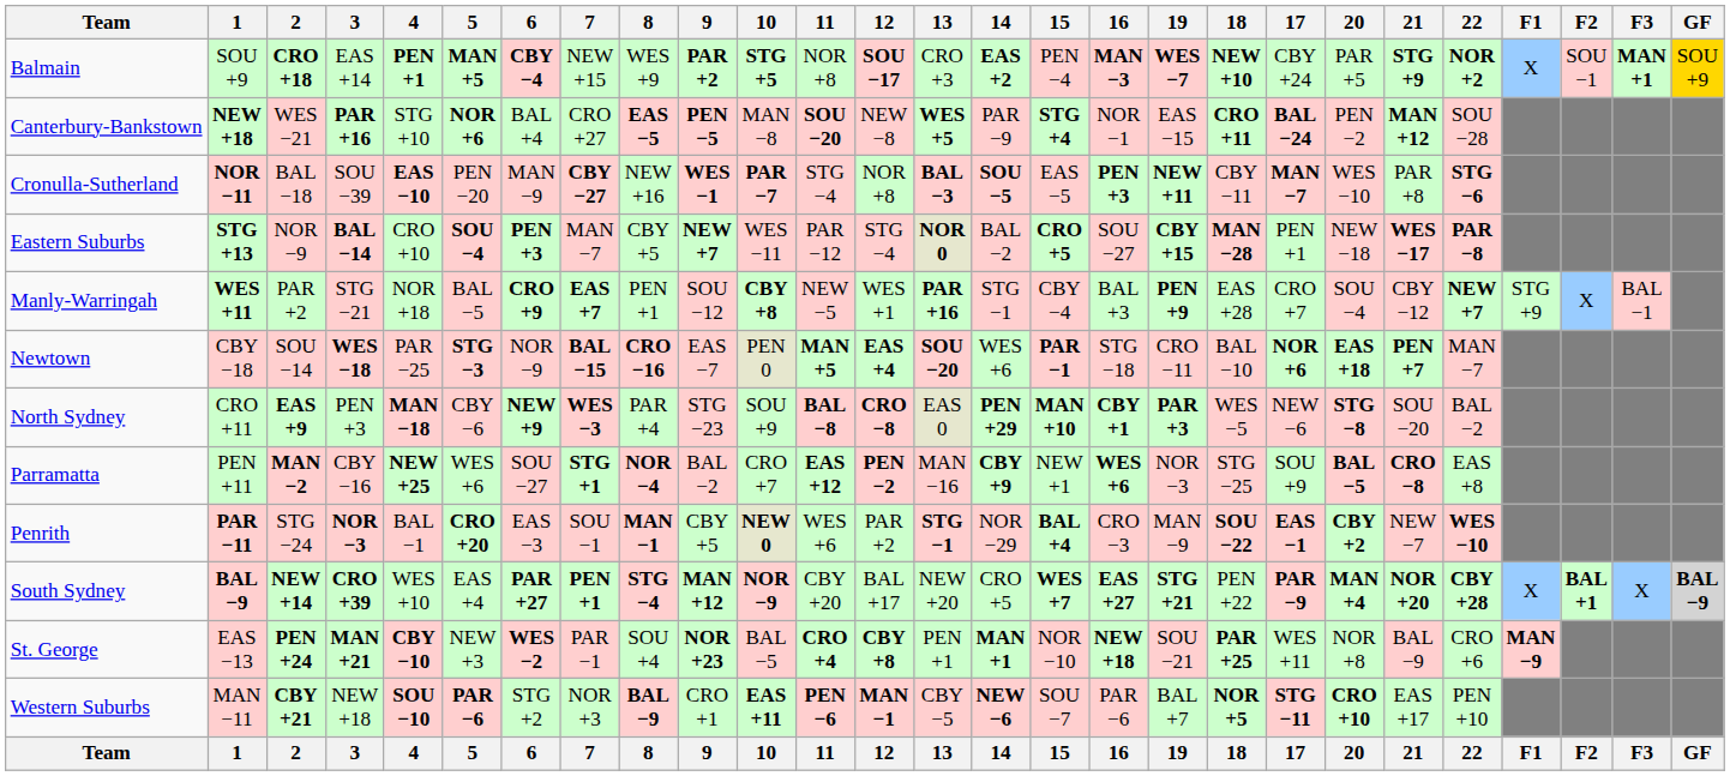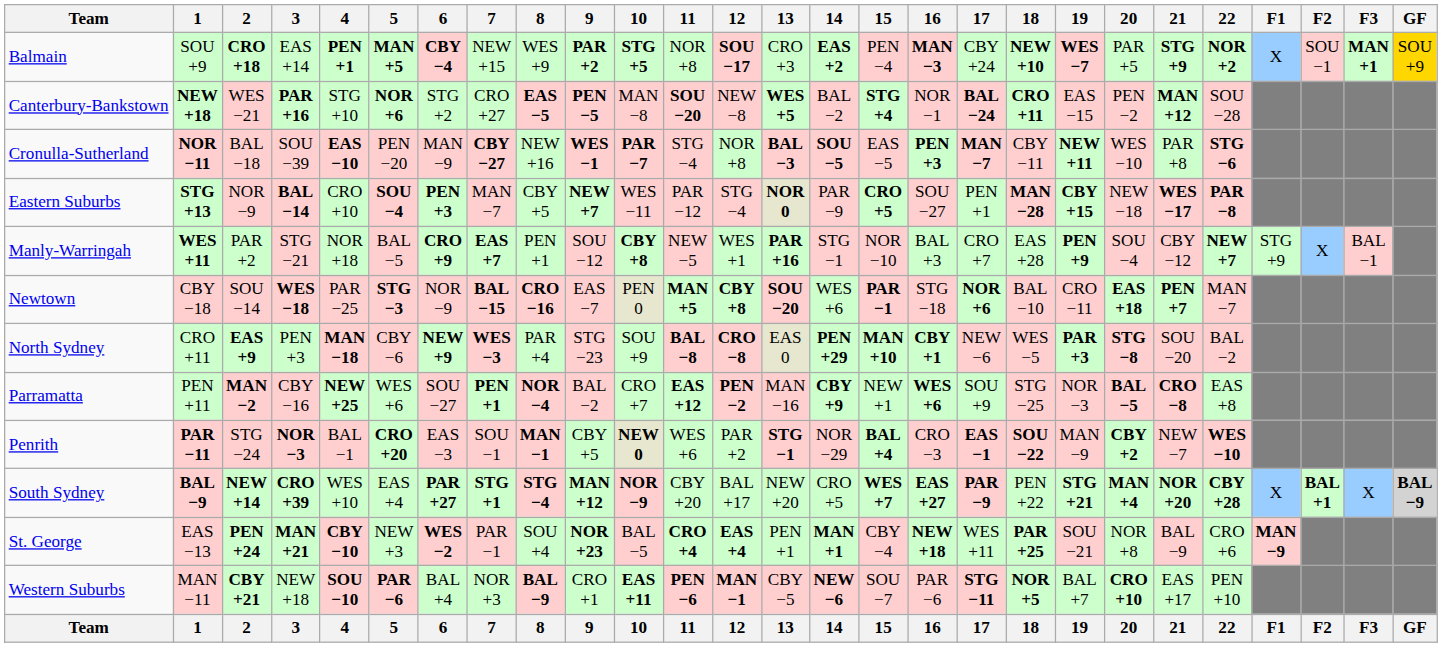 <table class="wikitable sortable" style="font-size:85%; text-align:center; width:90%">
 <tr valign="top">
 <th valign="middle">Team</th>
 <th>1</th>
 <th>2</th>
 <th>3</th>
 <th>4</th>
 <th>5</th>
 <th>6</th>
 <th>7</th>
 <th>8</th>
 <th>9</th>
 <th>10</th>
 <th>11</th>
 <th>12</th>
 <th>13</th>
 <th>14</th>
 <th>15</th>
 <th>16</th>
+<th>17</th>
+<th>18</th>
 <th>19</th>
-<th>18</th>
-<th>17</th>
 <th>20</th>
 <th>21</th>
 <th>22</th>
 <th>F1</th>
 <th>F2</th>
 <th>F3</th>
 <th>GF</th>
 </tr>
 <tr>
 <td align="left"><a href='#'>Balmain</a></td>
 <td style="background:#cfc;">SOU<br>+9</td>
 <td style="background:#cfc;"><strong>CRO<br>+18</strong></td>
 <td style="background:#cfc;">EAS<br>+14</td>
 <td style="background:#cfc;"><strong>PEN<br>+1</strong></td>
 <td style="background:#cfc;"><strong>MAN<br>+5</strong></td>
 <td style="background:#FFCFCF;"><strong>CBY<br>−4</strong></td>
 <td style="background:#cfc;">NEW<br>+15</td>
 <td style="background:#cfc;">WES<br>+9</td>
 <td style="background:#cfc;"><strong>PAR<br>+2</strong></td>
 <td style="background:#cfc;"><strong>STG<br>+5</strong></td>
 <td style="background:#cfc;">NOR<br>+8</td>
 <td style="background:#FFCFCF;"><strong>SOU<br>−17</strong></td>
 <td style="background:#cfc;">CRO<br>+3</td>
 <td style="background:#cfc;"><strong>EAS<br>+2</strong></td>
 <td style="background:#FFCFCF;">PEN<br>−4</td>
 <td style="background:#FFCFCF;"><strong>MAN<br>−3</strong></td>
+<td style="background:#cfc;">CBY<br>+24</td>
+<td style="background:#cfc;"><strong>NEW<br>+10</strong></td>
 <td style="background:#FFCFCF;"><strong>WES<br>−7</strong></td>
-<td style="background:#cfc;"><strong>NEW<br>+10</strong></td>
-<td style="background:#cfc;">CBY<br>+24</td>
 <td style="background:#cfc;">PAR<br>+5</td>
 <td style="background:#cfc;"><strong>STG<br>+9</strong></td>
 <td style="background:#cfc;"><strong>NOR<br>+2</strong></td>
 <td style="background:#99ccff;">X</td>
 <td style="background:#FFCFCF;">SOU<br>−1</td>
 <td style="background:#cfc;"><strong>MAN<br>+1</strong></td>
 <td style="background:#FFD700;">SOU<br>+9</td>
 </tr>
 <tr>
 <td align="left"><a href='#'>Canterbury-Bankstown</a></td>
 <td style="background:#cfc;"><strong>NEW<br>+18</strong></td>
 <td style="background:#FFCFCF;">WES<br>−21</td>
 <td style="background:#cfc;"><strong>PAR<br>+16</strong></td>
 <td style="background:#cfc;">STG<br>+10</td>
 <td style="background:#cfc;"><strong>NOR<br>+6</strong></td>
-<td style="background:#cfc;">BAL<br>+4</td>
+<td style="background:#cfc;">STG<br>+2</td>
 <td style="background:#cfc;">CRO<br>+27</td>
 <td style="background:#FFCFCF;"><strong>EAS<br>−5</strong></td>
 <td style="background:#FFCFCF;"><strong>PEN<br>−5</strong></td>
 <td style="background:#FFCFCF;">MAN<br>−8</td>
 <td style="background:#FFCFCF;"><strong>SOU<br>−20</strong></td>
 <td style="background:#FFCFCF;">NEW<br>−8</td>
 <td style="background:#cfc;"><strong>WES<br>+5</strong></td>
-<td style="background:#FFCFCF;">PAR<br>−9</td>
+<td style="background:#FFCFCF;">BAL<br>−2</td>
 <td style="background:#cfc;"><strong>STG<br>+4</strong></td>
 <td style="background:#FFCFCF;">NOR<br>−1</td>
+<td style="background:#FFCFCF;"><strong>BAL<br>−24</strong></td>
+<td style="background:#cfc;"><strong>CRO<br>+11</strong></td>
 <td style="background:#FFCFCF;">EAS<br>−15</td>
-<td style="background:#cfc;"><strong>CRO<br>+11</strong></td>
-<td style="background:#FFCFCF;"><strong>BAL<br>−24</strong></td>
 <td style="background:#FFCFCF;">PEN<br>−2</td>
 <td style="background:#cfc;"><strong>MAN<br>+12</strong></td>
 <td style="background:#FFCFCF;">SOU<br>−28</td>
 <td style="background:#808080;"></td>
 <td style="background:#808080;"></td>
 <td style="background:#808080;"></td>
 <td style="background:#808080;"></td>
 </tr>
 <tr>
 <td align="left"><a href='#'>Cronulla-Sutherland</a></td>
 <td style="background:#FFCFCF;"><strong>NOR<br>−11</strong></td>
 <td style="background:#FFCFCF;">BAL<br>−18</td>
 <td style="background:#FFCFCF;">SOU<br>−39</td>
 <td style="background:#FFCFCF;"><strong>EAS<br>−10</strong></td>
 <td style="background:#FFCFCF;">PEN<br>−20</td>
 <td style="background:#FFCFCF;">MAN<br>−9</td>
 <td style="background:#FFCFCF;"><strong>CBY<br>−27</strong></td>
 <td style="background:#cfc;">NEW<br>+16</td>
 <td style="background:#FFCFCF;"><strong>WES<br>−1</strong></td>
 <td style="background:#FFCFCF;"><strong>PAR<br>−7</strong></td>
 <td style="background:#FFCFCF;">STG<br>−4</td>
 <td style="background:#cfc;">NOR<br>+8</td>
 <td style="background:#FFCFCF;"><strong>BAL<br>−3</strong></td>
 <td style="background:#FFCFCF;"><strong>SOU<br>−5</strong></td>
 <td style="background:#FFCFCF;">EAS<br>−5</td>
 <td style="background:#cfc;"><strong>PEN<br>+3</strong></td>
+<td style="background:#FFCFCF;"><strong>MAN<br>−7</strong></td>
+<td style="background:#FFCFCF;">CBY<br>−11</td>
 <td style="background:#cfc;"><strong>NEW<br>+11</strong></td>
-<td style="background:#FFCFCF;">CBY<br>−11</td>
-<td style="background:#FFCFCF;"><strong>MAN<br>−7</strong></td>
 <td style="background:#FFCFCF;">WES<br>−10</td>
 <td style="background:#cfc;">PAR<br>+8</td>
 <td style="background:#FFCFCF;"><strong>STG<br>−6</strong></td>
 <td style="background:#808080;"></td>
 <td style="background:#808080;"></td>
 <td style="background:#808080;"></td>
 <td style="background:#808080;"></td>
 </tr>
 <tr>
 <td align="left"><a href='#'>Eastern Suburbs</a></td>
 <td style="background:#cfc;"><strong>STG<br>+13</strong></td>
 <td style="background:#FFCFCF;">NOR<br>−9</td>
 <td style="background:#FFCFCF;"><strong>BAL<br>−14</strong></td>
 <td style="background:#cfc;">CRO<br>+10</td>
 <td style="background:#FFCFCF;"><strong>SOU<br>−4</strong></td>
 <td style="background:#cfc;"><strong>PEN<br>+3</strong></td>
 <td style="background:#FFCFCF;">MAN<br>−7</td>
 <td style="background:#cfc;">CBY<br>+5</td>
 <td style="background:#cfc;"><strong>NEW<br>+7</strong></td>
 <td style="background:#FFCFCF;">WES<br>−11</td>
 <td style="background:#FFCFCF;">PAR<br>−12</td>
 <td style="background:#FFCFCF;">STG<br>−4</td>
 <td style="background:#E6E7CE"><strong>NOR<br>0</strong></td>
-<td style="background:#FFCFCF;">BAL<br>−2</td>
+<td style="background:#FFCFCF;">PAR<br>−9</td>
 <td style="background:#cfc;"><strong>CRO<br>+5</strong></td>
 <td style="background:#FFCFCF;">SOU<br>−27</td>
+<td style="background:#cfc;">PEN<br>+1</td>
+<td style="background:#FFCFCF;"><strong>MAN<br>−28</strong></td>
 <td style="background:#cfc;"><strong>CBY<br>+15</strong></td>
-<td style="background:#FFCFCF;"><strong>MAN<br>−28</strong></td>
-<td style="background:#cfc;">PEN<br>+1</td>
 <td style="background:#FFCFCF;">NEW<br>−18</td>
 <td style="background:#FFCFCF;"><strong>WES<br>−17</strong></td>
 <td style="background:#FFCFCF;"><strong>PAR<br>−8</strong></td>
 <td style="background:#808080;"></td>
 <td style="background:#808080;"></td>
 <td style="background:#808080;"></td>
 <td style="background:#808080;"></td>
 </tr>
 <tr>
 <td align="left"><a href='#'>Manly-Warringah</a></td>
 <td style="background:#cfc;"><strong>WES<br>+11</strong></td>
 <td style="background:#cfc;">PAR<br>+2</td>
 <td style="background:#FFCFCF;">STG<br>−21</td>
 <td style="background:#cfc;">NOR<br>+18</td>
 <td style="background:#FFCFCF;">BAL<br>−5</td>
 <td style="background:#cfc;"><strong>CRO<br>+9</strong></td>
 <td style="background:#cfc;"><strong>EAS<br>+7</strong></td>
 <td style="background:#cfc;">PEN<br>+1</td>
 <td style="background:#FFCFCF;">SOU<br>−12</td>
 <td style="background:#cfc;"><strong>CBY<br>+8</strong></td>
 <td style="background:#FFCFCF;">NEW<br>−5</td>
 <td style="background:#cfc;">WES<br>+1</td>
 <td style="background:#cfc;"><strong>PAR<br>+16</strong></td>
 <td style="background:#FFCFCF;">STG<br>−1</td>
-<td style="background:#FFCFCF;">CBY<br>−4</td>
+<td style="background:#FFCFCF;">NOR<br>−10</td>
 <td style="background:#cfc;">BAL<br>+3</td>
+<td style="background:#cfc;">CRO<br>+7</td>
+<td style="background:#cfc;">EAS<br>+28</td>
 <td style="background:#cfc;"><strong>PEN<br>+9</strong></td>
-<td style="background:#cfc;">EAS<br>+28</td>
-<td style="background:#cfc;">CRO<br>+7</td>
 <td style="background:#FFCFCF;">SOU<br>−4</td>
 <td style="background:#FFCFCF;">CBY<br>−12</td>
 <td style="background:#cfc;"><strong>NEW<br>+7</strong></td>
 <td style="background:#cfc;">STG<br>+9</td>
 <td style="background:#99ccff;">X</td>
 <td style="background:#FFCFCF;">BAL<br>−1</td>
 <td style="background:#808080;"></td>
 </tr>
 <tr>
 <td align="left"><a href='#'>Newtown</a></td>
 <td style="background:#FFCFCF;">CBY<br>−18</td>
 <td style="background:#FFCFCF;">SOU<br>−14</td>
 <td style="background:#FFCFCF;"><strong>WES<br>−18</strong></td>
 <td style="background:#FFCFCF;">PAR<br>−25</td>
 <td style="background:#FFCFCF;"><strong>STG<br>−3</strong></td>
 <td style="background:#FFCFCF;">NOR<br>−9</td>
 <td style="background:#FFCFCF;"><strong>BAL<br>−15</strong></td>
 <td style="background:#FFCFCF;"><strong>CRO<br>−16</strong></td>
 <td style="background:#FFCFCF;">EAS<br>−7</td>
 <td style="background:#E6E7CE">PEN<br>0</td>
 <td style="background:#cfc;"><strong>MAN<br>+5</strong></td>
-<td style="background:#cfc;"><strong>EAS<br>+4</strong></td>
+<td style="background:#cfc;"><strong>CBY<br>+8</strong></td>
 <td style="background:#FFCFCF;"><strong>SOU<br>−20</strong></td>
 <td style="background:#cfc;">WES<br>+6</td>
 <td style="background:#FFCFCF;"><strong>PAR<br>−1</strong></td>
 <td style="background:#FFCFCF;">STG<br>−18</td>
+<td style="background:#cfc;"><strong>NOR<br>+6</strong></td>
+<td style="background:#FFCFCF;">BAL<br>−10</td>
 <td style="background:#FFCFCF;">CRO<br>−11</td>
-<td style="background:#FFCFCF;">BAL<br>−10</td>
-<td style="background:#cfc;"><strong>NOR<br>+6</strong></td>
 <td style="background:#cfc;"><strong>EAS<br>+18</strong></td>
 <td style="background:#cfc;"><strong>PEN<br>+7</strong></td>
 <td style="background:#FFCFCF;">MAN<br>−7</td>
 <td style="background:#808080;"></td>
 <td style="background:#808080;"></td>
 <td style="background:#808080;"></td>
 <td style="background:#808080;"></td>
 </tr>
 <tr>
 <td align="left"><a href='#'>North Sydney</a></td>
 <td style="background:#cfc;">CRO<br>+11</td>
 <td style="background:#cfc;"><strong>EAS<br>+9</strong></td>
 <td style="background:#cfc;">PEN<br>+3</td>
 <td style="background:#FFCFCF;"><strong>MAN<br>−18</strong></td>
 <td style="background:#FFCFCF;">CBY<br>−6</td>
 <td style="background:#cfc;"><strong>NEW<br>+9</strong></td>
 <td style="background:#FFCFCF;"><strong>WES<br>−3</strong></td>
 <td style="background:#cfc;">PAR<br>+4</td>
 <td style="background:#FFCFCF;">STG<br>−23</td>
 <td style="background:#cfc;">SOU<br>+9</td>
 <td style="background:#FFCFCF;"><strong>BAL<br>−8</strong></td>
 <td style="background:#FFCFCF;"><strong>CRO<br>−8</strong></td>
 <td style="background:#E6E7CE">EAS<br>0</td>
 <td style="background:#cfc;"><strong>PEN<br>+29</strong></td>
 <td style="background:#cfc;"><strong>MAN<br>+10</strong></td>
 <td style="background:#cfc;"><strong>CBY<br>+1</strong></td>
+<td style="background:#FFCFCF;">NEW<br>−6</td>
+<td style="background:#FFCFCF;">WES<br>−5</td>
 <td style="background:#cfc;"><strong>PAR<br>+3</strong></td>
-<td style="background:#FFCFCF;">WES<br>−5</td>
-<td style="background:#FFCFCF;">NEW<br>−6</td>
 <td style="background:#FFCFCF;"><strong>STG<br>−8</strong></td>
 <td style="background:#FFCFCF;">SOU<br>−20</td>
 <td style="background:#FFCFCF;">BAL<br>−2</td>
 <td style="background:#808080;"></td>
 <td style="background:#808080;"></td>
 <td style="background:#808080;"></td>
 <td style="background:#808080;"></td>
 </tr>
 <tr>
 <td align="left"><a href='#'>Parramatta</a></td>
 <td style="background:#cfc;">PEN<br>+11</td>
 <td style="background:#FFCFCF;"><strong>MAN<br>−2</strong></td>
 <td style="background:#FFCFCF;">CBY<br>−16</td>
 <td style="background:#cfc;"><strong>NEW<br>+25</strong></td>
 <td style="background:#cfc;">WES<br>+6</td>
 <td style="background:#FFCFCF;">SOU<br>−27</td>
-<td style="background:#cfc;"><strong>STG<br>+1</strong></td>
+<td style="background:#cfc;"><strong>PEN<br>+1</strong></td>
 <td style="background:#FFCFCF;"><strong>NOR<br>−4</strong></td>
 <td style="background:#FFCFCF;">BAL<br>−2</td>
 <td style="background:#cfc;">CRO<br>+7</td>
 <td style="background:#cfc;"><strong>EAS<br>+12</strong></td>
 <td style="background:#FFCFCF;"><strong>PEN<br>−2</strong></td>
 <td style="background:#FFCFCF;">MAN<br>−16</td>
 <td style="background:#cfc;"><strong>CBY<br>+9</strong></td>
 <td style="background:#cfc;">NEW<br>+1</td>
 <td style="background:#cfc;"><strong>WES<br>+6</strong></td>
+<td style="background:#cfc;">SOU<br>+9</td>
+<td style="background:#FFCFCF;">STG<br>−25</td>
 <td style="background:#FFCFCF;">NOR<br>−3</td>
-<td style="background:#FFCFCF;">STG<br>−25</td>
-<td style="background:#cfc;">SOU<br>+9</td>
 <td style="background:#FFCFCF;"><strong>BAL<br>−5</strong></td>
 <td style="background:#FFCFCF;"><strong>CRO<br>−8</strong></td>
 <td style="background:#cfc;">EAS<br>+8</td>
 <td style="background:#808080;"></td>
 <td style="background:#808080;"></td>
 <td style="background:#808080;"></td>
 <td style="background:#808080;"></td>
 </tr>
 <tr>
 <td align="left"><a href='#'>Penrith</a></td>
 <td style="background:#FFCFCF;"><strong>PAR<br>−11</strong></td>
 <td style="background:#FFCFCF;">STG<br>−24</td>
 <td style="background:#FFCFCF;"><strong>NOR<br>−3</strong></td>
 <td style="background:#FFCFCF;">BAL<br>−1</td>
 <td style="background:#cfc;"><strong>CRO<br>+20</strong></td>
 <td style="background:#FFCFCF;">EAS<br>−3</td>
 <td style="background:#FFCFCF;">SOU<br>−1</td>
 <td style="background:#FFCFCF;"><strong>MAN<br>−1</strong></td>
 <td style="background:#cfc;">CBY<br>+5</td>
 <td style="background:#E6E7CE"><strong>NEW<br>0</strong></td>
 <td style="background:#cfc;">WES<br>+6</td>
 <td style="background:#cfc;">PAR<br>+2</td>
 <td style="background:#FFCFCF;"><strong>STG<br>−1</strong></td>
 <td style="background:#FFCFCF;">NOR<br>−29</td>
 <td style="background:#cfc;"><strong>BAL<br>+4</strong></td>
 <td style="background:#FFCFCF;">CRO<br>−3</td>
+<td style="background:#FFCFCF;"><strong>EAS<br>−1</strong></td>
+<td style="background:#FFCFCF;"><strong>SOU<br>−22</strong></td>
 <td style="background:#FFCFCF;">MAN<br>−9</td>
-<td style="background:#FFCFCF;"><strong>SOU<br>−22</strong></td>
-<td style="background:#FFCFCF;"><strong>EAS<br>−1</strong></td>
 <td style="background:#cfc;"><strong>CBY<br>+2</strong></td>
 <td style="background:#FFCFCF;">NEW<br>−7</td>
 <td style="background:#FFCFCF;"><strong>WES<br>−10</strong></td>
 <td style="background:#808080;"></td>
 <td style="background:#808080;"></td>
 <td style="background:#808080;"></td>
 <td style="background:#808080;"></td>
 </tr>
 <tr>
 <td align="left"><a href='#'>South Sydney</a></td>
 <td style="background:#FFCFCF;"><strong>BAL<br>−9</strong></td>
 <td style="background:#cfc;"><strong>NEW<br>+14</strong></td>
 <td style="background:#cfc;"><strong>CRO<br>+39</strong></td>
 <td style="background:#cfc;">WES<br>+10</td>
 <td style="background:#cfc;">EAS<br>+4</td>
 <td style="background:#cfc;"><strong>PAR<br>+27</strong></td>
-<td style="background:#cfc;"><strong>PEN<br>+1</strong></td>
+<td style="background:#cfc;"><strong>STG<br>+1</strong></td>
 <td style="background:#FFCFCF;"><strong>STG<br>−4</strong></td>
 <td style="background:#cfc;"><strong>MAN<br>+12</strong></td>
 <td style="background:#FFCFCF;"><strong>NOR<br>−9</strong></td>
 <td style="background:#cfc;">CBY<br>+20</td>
 <td style="background:#cfc;">BAL<br>+17</td>
 <td style="background:#cfc;">NEW<br>+20</td>
 <td style="background:#cfc;">CRO<br>+5</td>
 <td style="background:#cfc;"><strong>WES<br>+7</strong></td>
 <td style="background:#cfc;"><strong>EAS<br>+27</strong></td>
+<td style="background:#FFCFCF;"><strong>PAR<br>−9</strong></td>
+<td style="background:#cfc;">PEN<br>+22</td>
 <td style="background:#cfc;"><strong>STG<br>+21</strong></td>
-<td style="background:#cfc;">PEN<br>+22</td>
-<td style="background:#FFCFCF;"><strong>PAR<br>−9</strong></td>
 <td style="background:#cfc;"><strong>MAN<br>+4</strong></td>
 <td style="background:#cfc;"><strong>NOR<br>+20</strong></td>
 <td style="background:#cfc;"><strong>CBY<br>+28</strong></td>
 <td style="background:#99ccff;">X</td>
 <td style="background:#cfc;"><strong>BAL<br>+1</strong></td>
 <td style="background:#99ccff;">X</td>
 <td style="background:#D3D3D3;"><strong>BAL<br>−9</strong></td>
 </tr>
 <tr>
 <td align="left"><a href='#'>St. George</a></td>
 <td style="background:#FFCFCF;">EAS<br>−13</td>
 <td style="background:#cfc;"><strong>PEN<br>+24</strong></td>
 <td style="background:#cfc;"><strong>MAN<br>+21</strong></td>
 <td style="background:#FFCFCF;"><strong>CBY<br>−10</strong></td>
 <td style="background:#cfc;">NEW<br>+3</td>
 <td style="background:#FFCFCF;"><strong>WES<br>−2</strong></td>
 <td style="background:#FFCFCF;">PAR<br>−1</td>
 <td style="background:#cfc;">SOU<br>+4</td>
 <td style="background:#cfc;"><strong>NOR<br>+23</strong></td>
 <td style="background:#FFCFCF;">BAL<br>−5</td>
 <td style="background:#cfc;"><strong>CRO<br>+4</strong></td>
-<td style="background:#cfc;"><strong>CBY<br>+8</strong></td>
+<td style="background:#cfc;"><strong>EAS<br>+4</strong></td>
 <td style="background:#cfc;">PEN<br>+1</td>
 <td style="background:#cfc;"><strong>MAN<br>+1</strong></td>
-<td style="background:#FFCFCF;">NOR<br>−10</td>
+<td style="background:#FFCFCF;">CBY<br>−4</td>
 <td style="background:#cfc;"><strong>NEW<br>+18</strong></td>
+<td style="background:#cfc;">WES<br>+11</td>
+<td style="background:#cfc;"><strong>PAR<br>+25</strong></td>
 <td style="background:#FFCFCF;">SOU<br>−21</td>
-<td style="background:#cfc;"><strong>PAR<br>+25</strong></td>
-<td style="background:#cfc;">WES<br>+11</td>
 <td style="background:#cfc;">NOR<br>+8</td>
 <td style="background:#FFCFCF;">BAL<br>−9</td>
 <td style="background:#cfc;">CRO<br>+6</td>
 <td style="background:#FFCFCF;"><strong>MAN<br>−9</strong></td>
 <td style="background:#808080;"></td>
 <td style="background:#808080;"></td>
 <td style="background:#808080;"></td>
 </tr>
 <tr>
 <td align="left"><a href='#'>Western Suburbs</a></td>
 <td style="background:#FFCFCF;">MAN<br>−11</td>
 <td style="background:#cfc;"><strong>CBY<br>+21</strong></td>
 <td style="background:#cfc;">NEW<br>+18</td>
 <td style="background:#FFCFCF;"><strong>SOU<br>−10</strong></td>
 <td style="background:#FFCFCF;"><strong>PAR<br>−6</strong></td>
-<td style="background:#cfc;">STG<br>+2</td>
+<td style="background:#cfc;">BAL<br>+4</td>
 <td style="background:#cfc;">NOR<br>+3</td>
 <td style="background:#FFCFCF;"><strong>BAL<br>−9</strong></td>
 <td style="background:#cfc;">CRO<br>+1</td>
 <td style="background:#cfc;"><strong>EAS<br>+11</strong></td>
 <td style="background:#FFCFCF;"><strong>PEN<br>−6</strong></td>
 <td style="background:#FFCFCF;"><strong>MAN<br>−1</strong></td>
 <td style="background:#FFCFCF;">CBY<br>−5</td>
 <td style="background:#FFCFCF;"><strong>NEW<br>−6</strong></td>
 <td style="background:#FFCFCF;">SOU<br>−7</td>
 <td style="background:#FFCFCF;">PAR<br>−6</td>
+<td style="background:#FFCFCF;"><strong>STG<br>−11</strong></td>
+<td style="background:#cfc;"><strong>NOR<br>+5</strong></td>
 <td style="background:#cfc;">BAL<br>+7</td>
-<td style="background:#cfc;"><strong>NOR<br>+5</strong></td>
-<td style="background:#FFCFCF;"><strong>STG<br>−11</strong></td>
 <td style="background:#cfc;"><strong>CRO<br>+10</strong></td>
 <td style="background:#cfc;">EAS<br>+17</td>
 <td style="background:#cfc;">PEN<br>+10</td>
 <td style="background:#808080;"></td>
 <td style="background:#808080;"></td>
 <td style="background:#808080;"></td>
 <td style="background:#808080;"></td>
 </tr>
 <tr valign="top">
 <th valign="middle">Team</th>
 <th>1</th>
 <th>2</th>
 <th>3</th>
 <th>4</th>
 <th>5</th>
 <th>6</th>
 <th>7</th>
 <th>8</th>
 <th>9</th>
 <th>10</th>
 <th>11</th>
 <th>12</th>
 <th>13</th>
 <th>14</th>
 <th>15</th>
 <th>16</th>
+<th>17</th>
+<th>18</th>
 <th>19</th>
-<th>18</th>
-<th>17</th>
 <th>20</th>
 <th>21</th>
 <th>22</th>
 <th>F1</th>
 <th>F2</th>
 <th>F3</th>
 <th>GF</th>
 </tr>
 </table>
